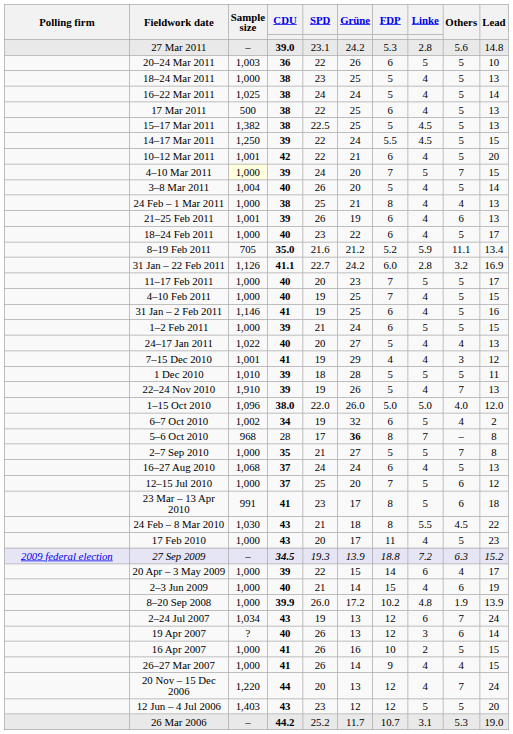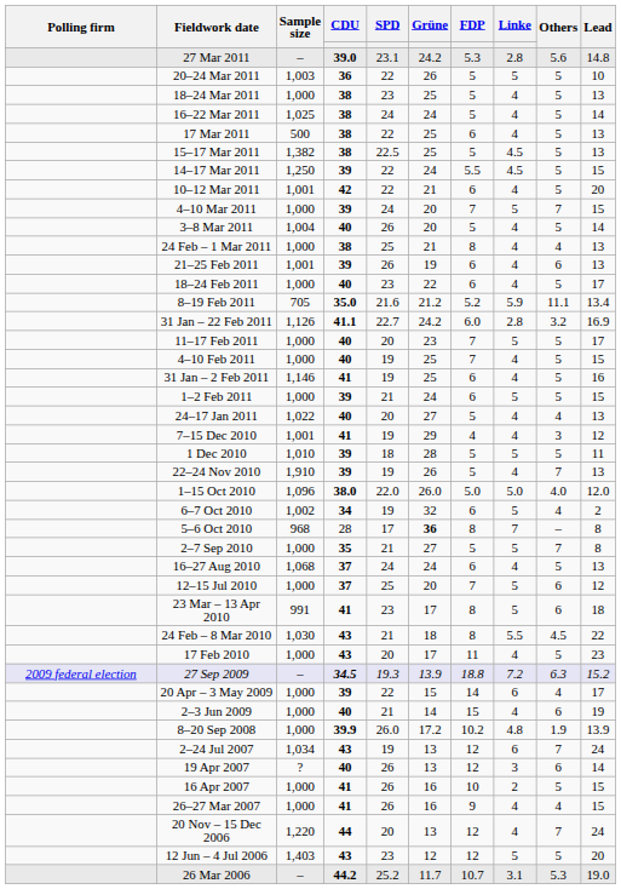 <table class="wikitable sortable" style="text-align:center;font-size:90%;line-height:14px;">
 <tr style="height:40px;">
 <th style="width:160px;" rowspan="2">Polling firm</th>
 <th style="width:125px;" rowspan="2">Fieldwork date</th>
 <th style="width:35px;" rowspan="2">Sample<br>size</th>
 <th class="unsortable" style="width:40px;"><a href='#'>CDU</a></th>
 <th class="unsortable" style="width:40px;"><a href='#'>SPD</a></th>
 <th class="unsortable" style="width:40px;"><a href='#'>Grüne</a></th>
 <th class="unsortable" style="width:40px;"><a href='#'>FDP</a></th>
 <th class="unsortable" style="width:40px;"><a href='#'>Linke</a></th>
 <th class="unsortable" style="width:40px;" rowspan="2">Others</th>
 <th style="width:30px;" rowspan="2">Lead</th>
 </tr>
 <tr>
 <th style="background:"></th>
 <th style="background:"></th>
 <th style="background:"></th>
 <th style="background:"></th>
 <th style="background:"></th>
 </tr>
 <tr style="background:#E9E9E9;">
 <td></td>
 <td data-sort-value="2011-03-27">27 Mar 2011</td>
 <td>–</td>
 <td><strong>39.0</strong></td>
 <td>23.1</td>
 <td>24.2</td>
 <td>5.3</td>
 <td>2.8</td>
 <td>5.6</td>
 <td style="background:">14.8</td>
 </tr>
 <tr>
 <td></td>
 <td data-sort-value="2011-03-25">20–24 Mar 2011</td>
 <td>1,003</td>
 <td><strong>36</strong></td>
 <td>22</td>
 <td>26</td>
-<td>6</td>
+<td>5</td>
 <td>5</td>
 <td>5</td>
 <td style="background:">10</td>
 </tr>
 <tr>
 <td></td>
 <td data-sort-value="2011-03-25">18–24 Mar 2011</td>
 <td>1,000</td>
 <td><strong>38</strong></td>
 <td>23</td>
 <td>25</td>
 <td>5</td>
 <td>4</td>
 <td>5</td>
 <td style="background:">13</td>
 </tr>
 <tr>
 <td></td>
 <td data-sort-value="2011-03-24">16–22 Mar 2011</td>
 <td>1,025</td>
 <td><strong>38</strong></td>
 <td>24</td>
 <td>24</td>
 <td>5</td>
 <td>4</td>
 <td>5</td>
 <td style="background:">14</td>
 </tr>
 <tr>
 <td></td>
 <td data-sort-value="2011-03-20">17 Mar 2011</td>
 <td>500</td>
 <td><strong>38</strong></td>
 <td>22</td>
 <td>25</td>
 <td>6</td>
 <td>4</td>
 <td>5</td>
 <td style="background:">13</td>
 </tr>
 <tr>
 <td></td>
 <td data-sort-value="2011-03-18">15–17 Mar 2011</td>
 <td>1,382</td>
 <td><strong>38</strong></td>
 <td>22.5</td>
 <td>25</td>
 <td>5</td>
 <td>4.5</td>
 <td>5</td>
 <td style="background:">13</td>
 </tr>
 <tr>
 <td></td>
 <td data-sort-value="2011-03-17">14–17 Mar 2011</td>
 <td>1,250</td>
 <td><strong>39</strong></td>
 <td>22</td>
 <td>24</td>
 <td>5.5</td>
 <td>4.5</td>
 <td>5</td>
 <td style="background:">15</td>
 </tr>
 <tr>
 <td></td>
 <td data-sort-value="2011-03-14">10–12 Mar 2011</td>
 <td>1,001</td>
 <td><strong>42</strong></td>
 <td>22</td>
 <td>21</td>
 <td>6</td>
 <td>4</td>
 <td>5</td>
 <td style="background:">20</td>
 </tr>
 <tr>
 <td></td>
 <td data-sort-value="2011-03-12">4–10 Mar 2011</td>
-<td style="background: lightyellow;">1,000</td>
+<td>1,000</td>
 <td><strong>39</strong></td>
 <td>24</td>
 <td>20</td>
 <td>7</td>
 <td>5</td>
 <td>7</td>
 <td style="background:">15</td>
 </tr>
 <tr>
 <td></td>
 <td data-sort-value="2011-03-11">3–8 Mar 2011</td>
 <td>1,004</td>
 <td><strong>40</strong></td>
 <td>26</td>
 <td>20</td>
 <td>5</td>
 <td>4</td>
 <td>5</td>
 <td style="background:">14</td>
 </tr>
 <tr>
 <td></td>
 <td data-sort-value="2011-03-04">24 Feb – 1 Mar 2011</td>
 <td>1,000</td>
 <td><strong>38</strong></td>
 <td>25</td>
 <td>21</td>
 <td>8</td>
 <td>4</td>
 <td>4</td>
 <td style="background:">13</td>
 </tr>
 <tr>
 <td></td>
 <td data-sort-value="2011-03-02">21–25 Feb 2011</td>
 <td>1,001</td>
 <td><strong>39</strong></td>
 <td>26</td>
 <td>19</td>
 <td>6</td>
 <td>4</td>
 <td>6</td>
 <td style="background:">13</td>
 </tr>
 <tr>
 <td></td>
 <td data-sort-value="2011-02-27">18–24 Feb 2011</td>
 <td>1,000</td>
 <td><strong>40</strong></td>
 <td>23</td>
 <td>22</td>
 <td>6</td>
 <td>4</td>
 <td>5</td>
 <td style="background:">17</td>
 </tr>
 <tr>
 <td></td>
 <td data-sort-value="2011-02-26">8–19 Feb 2011</td>
 <td>705</td>
 <td><strong>35.0</strong></td>
 <td>21.6</td>
 <td>21.2</td>
 <td>5.2</td>
 <td>5.9</td>
 <td>11.1</td>
 <td style="background:">13.4</td>
 </tr>
 <tr>
 <td></td>
 <td data-sort-value="2011-02-26">31 Jan – 22 Feb 2011</td>
 <td>1,126</td>
 <td><strong>41.1</strong></td>
 <td>22.7</td>
 <td>24.2</td>
 <td>6.0</td>
 <td>2.8</td>
 <td>3.2</td>
 <td style="background:">16.9</td>
 </tr>
 <tr>
 <td></td>
 <td data-sort-value="2011-02-20">11–17 Feb 2011</td>
 <td>1,000</td>
 <td><strong>40</strong></td>
 <td>20</td>
 <td>23</td>
 <td>7</td>
 <td>5</td>
 <td>5</td>
 <td style="background:">17</td>
 </tr>
 <tr>
 <td></td>
 <td data-sort-value="2011-02-13">4–10 Feb 2011</td>
 <td>1,000</td>
 <td><strong>40</strong></td>
 <td>19</td>
 <td>25</td>
 <td>7</td>
 <td>4</td>
 <td>5</td>
 <td style="background:">15</td>
 </tr>
 <tr>
 <td></td>
 <td data-sort-value="2011-02-04">31 Jan – 2 Feb 2011</td>
 <td>1,146</td>
 <td><strong>41</strong></td>
 <td>19</td>
 <td>25</td>
 <td>6</td>
 <td>4</td>
 <td>5</td>
 <td style="background:">16</td>
 </tr>
 <tr>
 <td></td>
 <td data-sort-value="2011-02-03">1–2 Feb 2011</td>
 <td>1,000</td>
 <td><strong>39</strong></td>
 <td>21</td>
 <td>24</td>
 <td>6</td>
 <td>5</td>
 <td>5</td>
 <td style="background:">15</td>
 </tr>
 <tr>
 <td></td>
 <td data-sort-value="2011-01-29">24–17 Jan 2011</td>
 <td>1,022</td>
 <td><strong>40</strong></td>
 <td>20</td>
 <td>27</td>
 <td>5</td>
 <td>4</td>
 <td>4</td>
 <td style="background:">13</td>
 </tr>
 <tr>
 <td></td>
 <td data-sort-value="2010-12-19">7–15 Dec 2010</td>
 <td>1,001</td>
 <td><strong>41</strong></td>
 <td>19</td>
 <td>29</td>
 <td>4</td>
 <td>4</td>
 <td>3</td>
 <td style="background:">12</td>
 </tr>
 <tr>
 <td></td>
 <td data-sort-value="2010-12-02">1 Dec 2010</td>
 <td>1,010</td>
 <td><strong>39</strong></td>
 <td>18</td>
 <td>28</td>
 <td>5</td>
 <td>5</td>
 <td>5</td>
 <td style="background:">11</td>
 </tr>
 <tr>
 <td></td>
 <td data-sort-value="2010-11-26">22–24 Nov 2010</td>
 <td>1,910</td>
 <td><strong>39</strong></td>
 <td>19</td>
 <td>26</td>
 <td>5</td>
 <td>4</td>
 <td>7</td>
 <td style="background:">13</td>
 </tr>
 <tr>
 <td></td>
 <td data-sort-value="2010-11-19">1–15 Oct 2010</td>
 <td>1,096</td>
 <td><strong>38.0</strong></td>
 <td>22.0</td>
 <td>26.0</td>
 <td>5.0</td>
 <td>5.0</td>
 <td>4.0</td>
 <td style="background:">12.0</td>
 </tr>
 <tr>
 <td></td>
 <td data-sort-value="2010-10-09">6–7 Oct 2010</td>
 <td>1,002</td>
 <td><strong>34</strong></td>
 <td>19</td>
 <td>32</td>
 <td>6</td>
 <td>5</td>
 <td>4</td>
 <td style="background:">2</td>
 </tr>
 <tr>
 <td></td>
 <td data-sort-value="2010-10-08">5–6 Oct 2010</td>
 <td>968</td>
 <td>28</td>
 <td>17</td>
 <td><strong>36</strong></td>
 <td>8</td>
 <td>7</td>
 <td>–</td>
 <td style="background:">8</td>
 </tr>
 <tr>
 <td></td>
 <td data-sort-value="2010-09-08">2–7 Sep 2010</td>
 <td>1,000</td>
 <td><strong>35</strong></td>
 <td>21</td>
 <td>27</td>
 <td>5</td>
 <td>5</td>
 <td>7</td>
 <td style="background:">8</td>
 </tr>
 <tr>
 <td></td>
 <td data-sort-value="2010-09-01">16–27 Aug 2010</td>
 <td>1,068</td>
 <td><strong>37</strong></td>
 <td>24</td>
 <td>24</td>
 <td>6</td>
 <td>4</td>
 <td>5</td>
 <td style="background:">13</td>
 </tr>
 <tr>
 <td></td>
 <td data-sort-value="2010-07-27">12–15 Jul 2010</td>
 <td>1,000</td>
 <td><strong>37</strong></td>
 <td>25</td>
 <td>20</td>
 <td>7</td>
 <td>5</td>
 <td>6</td>
 <td style="background:">12</td>
 </tr>
 <tr>
 <td></td>
 <td data-sort-value="2010-04-20">23 Mar – 13 Apr 2010</td>
 <td>991</td>
 <td><strong>41</strong></td>
 <td>23</td>
 <td>17</td>
 <td>8</td>
 <td>5</td>
 <td>6</td>
 <td style="background:">18</td>
 </tr>
 <tr>
 <td></td>
 <td data-sort-value="2010-03-17">24 Feb – 8 Mar 2010</td>
 <td>1,030</td>
 <td><strong>43</strong></td>
 <td>21</td>
 <td>18</td>
 <td>8</td>
 <td>5.5</td>
 <td>4.5</td>
 <td style="background:">22</td>
 </tr>
 <tr>
 <td></td>
 <td data-sort-value="2010-02-18">17 Feb 2010</td>
 <td>1,000</td>
 <td><strong>43</strong></td>
 <td>20</td>
 <td>17</td>
 <td>11</td>
 <td>4</td>
 <td>5</td>
 <td style="background:">23</td>
 </tr>
 <tr style="background:#E5E5F5;font-style:italic;">
 <td><a href='#'>2009 federal election</a></td>
 <td data-sort-value="2009-09-27">27 Sep 2009</td>
 <td>–</td>
 <td><strong>34.5</strong></td>
 <td>19.3</td>
 <td>13.9</td>
 <td>18.8</td>
 <td>7.2</td>
 <td>6.3</td>
 <td style="background:">15.2</td>
 </tr>
 <tr>
 <td></td>
 <td data-sort-value="2009-07-07">20 Apr – 3 May 2009</td>
 <td>1,000</td>
 <td><strong>39</strong></td>
 <td>22</td>
 <td>15</td>
 <td>14</td>
 <td>6</td>
 <td>4</td>
 <td style="background:">17</td>
 </tr>
 <tr>
 <td></td>
 <td data-sort-value="2009-06-12">2–3 Jun 2009</td>
 <td>1,000</td>
 <td><strong>40</strong></td>
 <td>21</td>
 <td>14</td>
 <td>15</td>
 <td>4</td>
 <td>6</td>
 <td style="background:">19</td>
 </tr>
 <tr>
 <td></td>
 <td data-sort-value="2008-09-30">8–20 Sep 2008</td>
 <td>1,000</td>
 <td><strong>39.9</strong></td>
 <td>26.0</td>
 <td>17.2</td>
 <td>10.2</td>
 <td>4.8</td>
 <td>1.9</td>
 <td style="background:">13.9</td>
 </tr>
 <tr>
 <td></td>
 <td data-sort-value="2007-07-26">2–24 Jul 2007</td>
 <td>1,034</td>
 <td><strong>43</strong></td>
 <td>19</td>
 <td>13</td>
 <td>12</td>
 <td>6</td>
 <td>7</td>
 <td style="background:">24</td>
 </tr>
 <tr>
 <td></td>
 <td data-sort-value="2007-04-19">19 Apr 2007</td>
 <td>?</td>
 <td><strong>40</strong></td>
 <td>26</td>
 <td>13</td>
 <td>12</td>
 <td>3</td>
 <td>6</td>
 <td style="background:">14</td>
 </tr>
 <tr>
 <td></td>
 <td data-sort-value="2007-04-16">16 Apr 2007</td>
 <td>1,000</td>
 <td><strong>41</strong></td>
 <td>26</td>
 <td>16</td>
 <td>10</td>
 <td>2</td>
 <td>5</td>
 <td style="background:">15</td>
 </tr>
 <tr>
 <td></td>
 <td data-sort-value="2007-03-29">26–27 Mar 2007</td>
 <td>1,000</td>
 <td><strong>41</strong></td>
 <td>26</td>
-<td>14</td>
+<td>16</td>
 <td>9</td>
 <td>4</td>
 <td>4</td>
 <td style="background:">15</td>
 </tr>
 <tr>
 <td></td>
 <td data-sort-value="2006-12-21">20 Nov – 15 Dec 2006</td>
 <td>1,220</td>
 <td><strong>44</strong></td>
 <td>20</td>
 <td>13</td>
 <td>12</td>
 <td>4</td>
 <td>7</td>
 <td style="background:">24</td>
 </tr>
 <tr>
 <td></td>
 <td data-sort-value="2006-07-06">12 Jun – 4 Jul 2006</td>
 <td>1,403</td>
 <td><strong>43</strong></td>
 <td>23</td>
 <td>12</td>
 <td>12</td>
 <td>5</td>
 <td>5</td>
 <td style="background:">20</td>
 </tr>
 <tr style="background:#E9E9E9;">
 <td></td>
 <td data-sort-value="2006-07-06">26 Mar 2006</td>
 <td>–</td>
 <td><strong>44.2</strong></td>
 <td>25.2</td>
 <td>11.7</td>
 <td>10.7</td>
 <td>3.1</td>
 <td>5.3</td>
 <td style="background:">19.0</td>
 </tr>
 </table>
